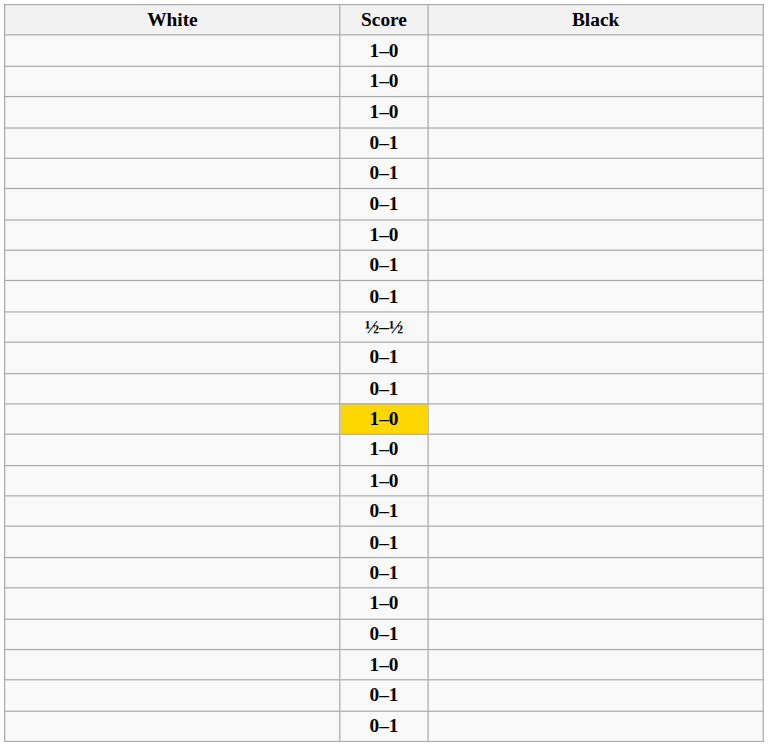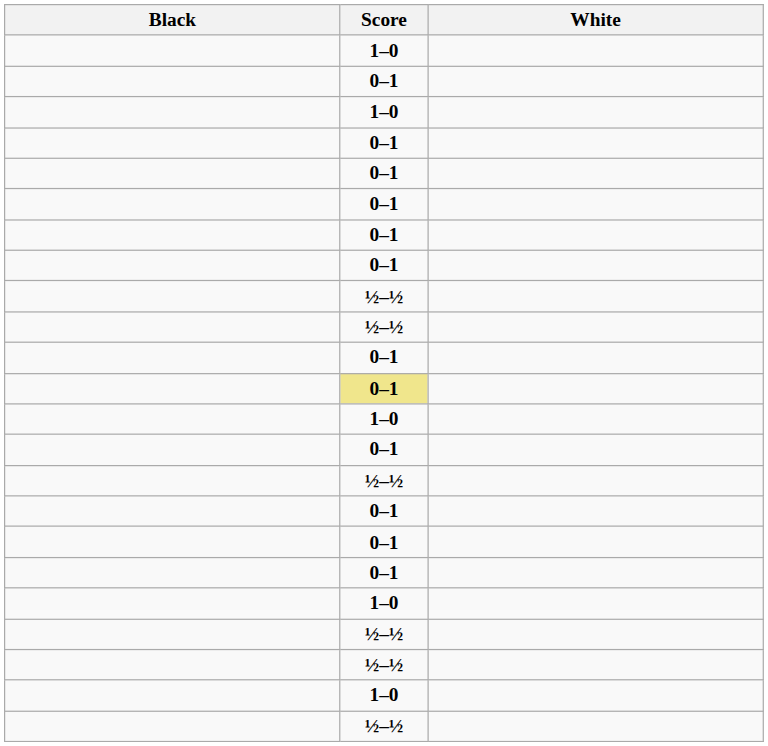 <table class="wikitable" style="text-align: center;">
 <tr>
+<th align="left" width="270">Black</th>
+<th width="65">Score</th>
 <th align="right" width="270">White</th>
-<th width="65">Score</th>
-<th align="left" width="270">Black</th>
-</tr>
-<tr>
-<td align=left><strong></strong></td>
-<td align=center><strong>1–0</strong></td>
-<td align=left></td>
-</tr>
-<tr>
-<td align=left><strong></strong></td>
-<td align=center><strong>1–0</strong></td>
-<td align=left></td>
-</tr>
-<tr>
-<td align=left><strong></strong></td>
-<td align=center><strong>1–0</strong></td>
-<td align=left></td>
 </tr>
 <tr>
 <td align=left></td>
-<td align=center><strong>0–1</strong></td>
-<td align=left><strong></strong></td>
-</tr>
-<tr>
-<td align=left></td>
-<td align=center><strong>0–1</strong></td>
+<td align=center><strong>1–0</strong></td>
 <td align=left><strong></strong></td>
 </tr>
 <tr>
 <td align=left></td>
 <td align=center><strong>0–1</strong></td>
 <td align=left><strong></strong></td>
 </tr>
 <tr>
 <td align=left></td>
 <td align=center><strong>1–0</strong></td>
 <td align=left><strong></strong></td>
 </tr>
 <tr>
+<td align=left><strong></strong></td>
+<td align=center><strong>0–1</strong></td>
 <td align=left></td>
-<td align=center><strong>0–1</strong></td>
-<td align=left><strong></strong></td>
 </tr>
 <tr>
+<td align=left><strong></strong></td>
+<td align=center><strong>0–1</strong></td>
 <td align=left></td>
+</tr>
+<tr>
+<td align=left><strong></strong></td>
+<td align=center><strong>0–1</strong></td>
+<td align=left></td>
+</tr>
+<tr>
+<td align=left><strong></strong></td>
+<td align=center><strong>0–1</strong></td>
+<td align=left></td>
+</tr>
+<tr>
+<td align=left><strong></strong></td>
 <td align=center><strong>0–1</strong></td>
 <td align=left></td>
 </tr>
 <tr>
 <td align=left></td>
 <td align=center><strong>½–½</strong></td>
 <td align=left></td>
 </tr>
 <tr>
 <td align=left></td>
-<td align=center><strong>0–1</strong></td>
-<td align=left><strong></strong></td>
-</tr>
-<tr>
+<td align=center><strong>½–½</strong></td>
 <td align=left></td>
-<td align=center><strong>0–1</strong></td>
-<td align=left><strong></strong></td>
 </tr>
 <tr>
 <td align=left><strong></strong></td>
-<td align=center style="background: gold;"><strong>1–0</strong></td>
+<td align=center><strong>0–1</strong></td>
+<td align=left></td>
+</tr>
+<tr>
+<td align=left><strong></strong></td>
+<td align=center style="background: khaki;"><strong>0–1</strong></td>
 <td align=left></td>
 </tr>
 <tr>
 <td align=left></td>
 <td align=center><strong>1–0</strong></td>
 <td align=left><strong></strong></td>
 </tr>
 <tr>
-<td align=left></td>
-<td align=center><strong>1–0</strong></td>
+<td align=left><strong></strong></td>
+<td align=center><strong>0–1</strong></td>
 <td align=left></td>
 </tr>
 <tr>
 <td align=left></td>
-<td align=center><strong>0–1</strong></td>
-<td align=left><strong></strong></td>
-</tr>
-<tr>
+<td align=center><strong>½–½</strong></td>
 <td align=left></td>
-<td align=center><strong>0–1</strong></td>
-<td align=left><strong></strong></td>
-</tr>
-<tr>
-<td align=left></td>
-<td align=center><strong>0–1</strong></td>
-<td align=left><strong></strong></td>
 </tr>
 <tr>
 <td align=left><strong></strong></td>
-<td align=center><strong>1–0</strong></td>
+<td align=center><strong>0–1</strong></td>
 <td align=left></td>
 </tr>
 <tr>
-<td align=left></td>
+<td align=left><strong></strong></td>
 <td align=center><strong>0–1</strong></td>
-<td align=left><strong></strong></td>
-</tr>
-<tr>
-<td align=left></td>
-<td align=center><strong>1–0</strong></td>
 <td align=left></td>
 </tr>
 <tr>
 <td align=left><strong></strong></td>
 <td align=center><strong>0–1</strong></td>
 <td align=left></td>
 </tr>
 <tr>
 <td align=left></td>
-<td align=center><strong>0–1</strong></td>
+<td align=center><strong>1–0</strong></td>
 <td align=left><strong></strong></td>
 </tr>
+<tr>
+<td align=left><strong></strong></td>
+<td align=center><strong>½–½</strong></td>
+<td align=left></td>
+</tr>
+<tr>
+<td align=left></td>
+<td align=center><strong>½–½</strong></td>
+<td align=left></td>
+</tr>
+<tr>
+<td align=left></td>
+<td align=center><strong>1–0</strong></td>
+<td align=left><strong></strong></td>
+</tr>
+<tr>
+<td align=left><strong></strong></td>
+<td align=center><strong>½–½</strong></td>
+<td align=left></td>
+</tr>
 </table>
